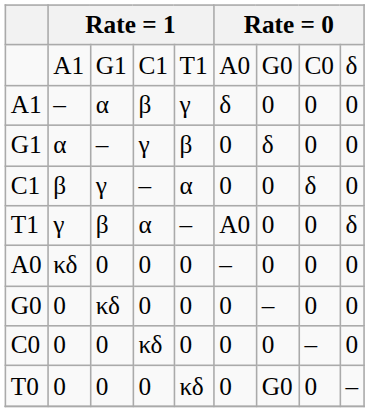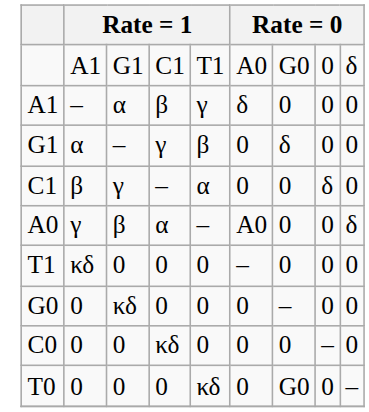 <table class="wikitable" align="right">
 <tr>
 <th></th>
 <th colspan=4>Rate = 1</th>
 <th colspan=4>Rate = 0</th>
 </tr>
 <tr>
 <td></td>
 <td>A1</td>
 <td>G1</td>
 <td>C1</td>
 <td>T1</td>
 <td>A0</td>
 <td>G0</td>
-<td>C0</td>
+<td>0</td>
 <td>δ</td>
 </tr>
 <tr>
 <td>A1</td>
 <td>–</td>
 <td>α</td>
 <td>β</td>
 <td>γ</td>
 <td>δ</td>
 <td>0</td>
 <td>0</td>
 <td>0</td>
 </tr>
 <tr>
 <td>G1</td>
 <td>α</td>
 <td>–</td>
 <td>γ</td>
 <td>β</td>
 <td>0</td>
 <td>δ</td>
 <td>0</td>
 <td>0</td>
 </tr>
 <tr>
 <td>C1</td>
 <td>β</td>
 <td>γ</td>
 <td>–</td>
 <td>α</td>
 <td>0</td>
 <td>0</td>
 <td>δ</td>
 <td>0</td>
 </tr>
 <tr>
-<td>T1</td>
+<td>A0</td>
 <td>γ</td>
 <td>β</td>
 <td>α</td>
 <td>–</td>
 <td>A0</td>
 <td>0</td>
 <td>0</td>
 <td>δ</td>
 </tr>
 <tr>
-<td>A0</td>
+<td>T1</td>
 <td>κδ</td>
 <td>0</td>
 <td>0</td>
 <td>0</td>
 <td>–</td>
 <td>0</td>
 <td>0</td>
 <td>0</td>
 </tr>
 <tr>
 <td>G0</td>
 <td>0</td>
 <td>κδ</td>
 <td>0</td>
 <td>0</td>
 <td>0</td>
 <td>–</td>
 <td>0</td>
 <td>0</td>
 </tr>
 <tr>
 <td>C0</td>
 <td>0</td>
 <td>0</td>
 <td>κδ</td>
 <td>0</td>
 <td>0</td>
 <td>0</td>
 <td>–</td>
 <td>0</td>
 </tr>
 <tr>
 <td>T0</td>
 <td>0</td>
 <td>0</td>
 <td>0</td>
 <td>κδ</td>
 <td>0</td>
 <td>G0</td>
 <td>0</td>
 <td>–</td>
 </tr>
 <tr>
 </tr>
 </table>
